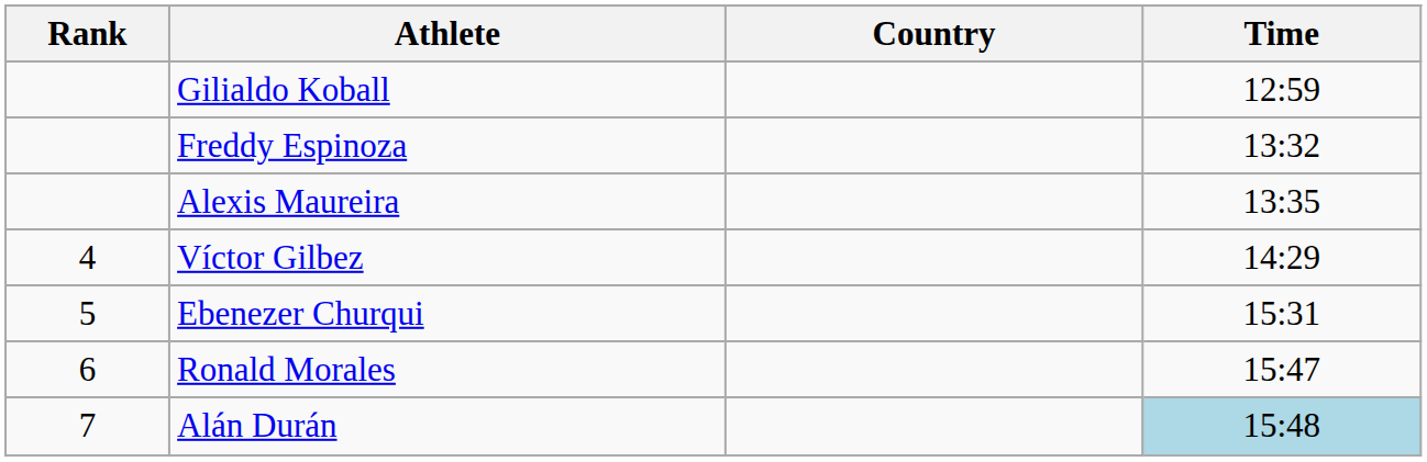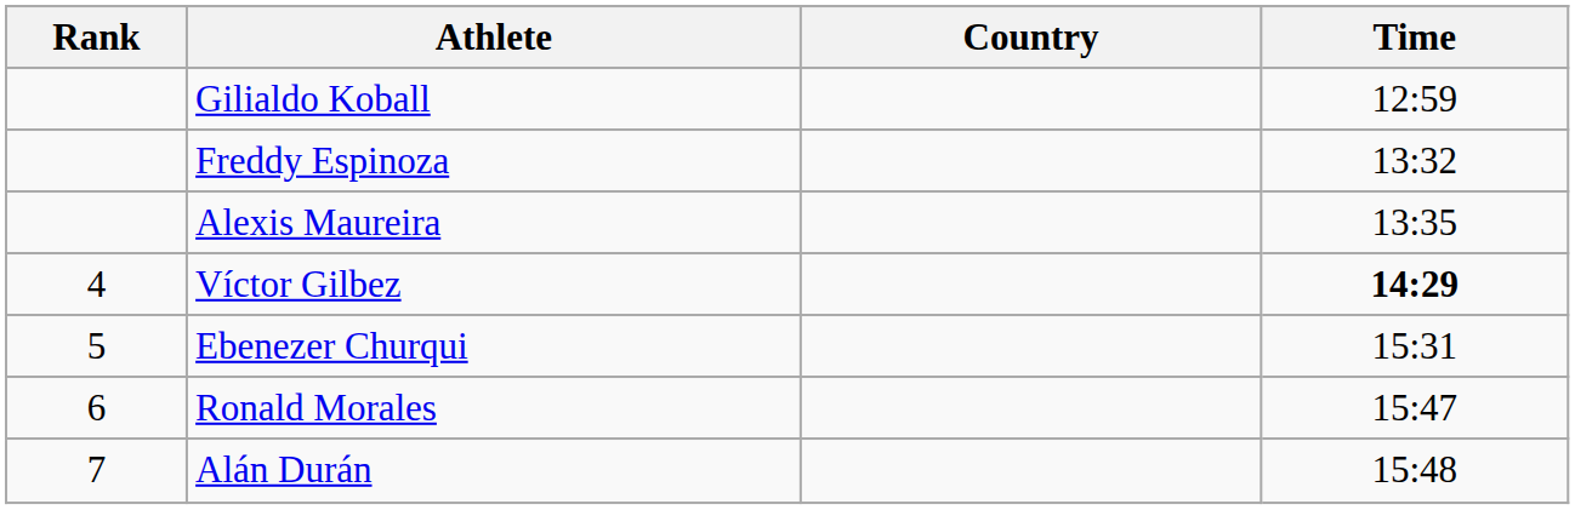 <table class="wikitable sortable" style=" text-align:center; font-size:95%;" width="50%">
 <tr>
 </tr>
 <tr>
 <th width=5%>Rank</th>
 <th width=20%>Athlete</th>
 <th width=15%>Country</th>
 <th width=10%>Time</th>
 </tr>
 <tr>
 <td align=center></td>
 <td align=left><a href='#'>Gilialdo Koball</a></td>
 <td align=left></td>
 <td>12:59</td>
 </tr>
 <tr>
 <td align=center></td>
 <td align=left><a href='#'>Freddy Espinoza</a></td>
 <td align=left></td>
 <td>13:32</td>
 </tr>
 <tr>
 <td align=center></td>
 <td align=left><a href='#'>Alexis Maureira</a></td>
 <td align=left></td>
 <td>13:35</td>
 </tr>
 <tr>
 <td align=center>4</td>
 <td align=left><a href='#'>Víctor Gilbez</a></td>
 <td align=left></td>
-<td>14:29</td>
+<td><strong>14:29</strong></td>
 </tr>
 <tr>
 <td align=center>5</td>
 <td align=left><a href='#'>Ebenezer Churqui</a></td>
 <td align=left></td>
 <td>15:31</td>
 </tr>
 <tr>
 <td align=center>6</td>
 <td align=left><a href='#'>Ronald Morales</a></td>
 <td align=left></td>
 <td>15:47</td>
 </tr>
 <tr>
 <td align=center>7</td>
 <td align=left><a href='#'>Alán Durán</a></td>
 <td align=left></td>
-<td style="background: lightblue;">15:48</td>
+<td>15:48</td>
 </tr>
 </table>
